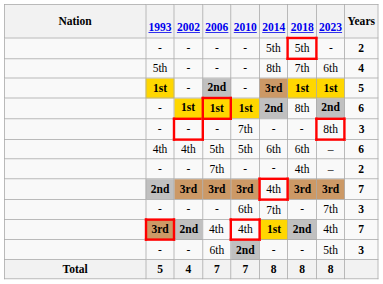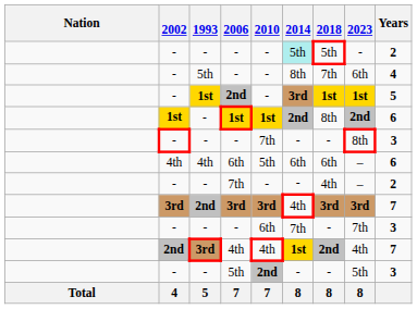 <table class="wikitable" style="text-align:center; font-size:90%">
 <tr>
 <th width=170>Nation</th>
+<th><br><a href='#'>2002</a></th>
 <th><br><a href='#'>1993</a></th>
-<th><br><a href='#'>2002</a></th>
 <th><br><a href='#'>2006</a></th>
 <th><br><a href='#'>2010</a></th>
 <th><br><a href='#'>2014</a></th>
 <th><br><a href='#'>2018</a></th>
 <th><br><a href='#'>2023</a></th>
 <th>Years</th>
 </tr>
 <tr>
 <td align=left></td>
 <td>-</td>
 <td>-</td>
 <td>-</td>
 <td>-</td>
-<td>5th</td>
+<td style="background: paleturquoise;">5th</td>
 <td style="border:3px solid red">5th</td>
 <td>-</td>
 <td><strong>2</strong></td>
 </tr>
 <tr>
 <td align=left></td>
+<td>-</td>
 <td>5th</td>
-<td>-</td>
 <td>-</td>
 <td>-</td>
 <td>8th</td>
 <td>7th</td>
 <td>6th</td>
 <td><strong>4</strong></td>
 </tr>
 <tr>
 <td align=left></td>
+<td>-</td>
 <td bgcolor=gold><strong>1st</strong></td>
-<td>-</td>
 <td bgcolor=silver><strong>2nd</strong></td>
 <td>-</td>
 <td bgcolor=#cc9966><strong>3rd</strong></td>
 <td bgcolor=gold><strong>1st</strong></td>
 <td bgcolor=gold><strong>1st</strong></td>
 <td><strong>5</strong></td>
 </tr>
 <tr>
 <td align=left></td>
+<td bgcolor=gold><strong>1st</strong></td>
 <td>-</td>
-<td bgcolor=gold><strong>1st</strong></td>
 <td bgcolor=gold style="border:3px solid red"><strong>1st</strong></td>
 <td bgcolor=gold><strong>1st</strong></td>
 <td bgcolor=silver><strong>2nd</strong></td>
 <td>8th</td>
 <td bgcolor=silver><strong>2nd</strong></td>
 <td><strong>6</strong></td>
 </tr>
 <tr>
 <td align=left></td>
+<td style="border:3px solid red">-</td>
 <td>-</td>
-<td style="border:3px solid red">-</td>
 <td>-</td>
 <td>7th</td>
 <td>-</td>
 <td>-</td>
 <td style="border:3px solid red">8th</td>
 <td><strong>3</strong></td>
 </tr>
 <tr>
 <td align=left></td>
 <td>4th</td>
 <td>4th</td>
-<td>5th</td>
+<td>6th</td>
 <td>5th</td>
 <td>6th</td>
 <td>6th</td>
 <td>–</td>
 <td><strong>6</strong></td>
 </tr>
 <tr>
 <td align=left></td>
 <td>-</td>
 <td>-</td>
 <td>7th</td>
 <td>-</td>
 <td>-</td>
 <td>4th</td>
 <td>–</td>
 <td><strong>2</strong></td>
 </tr>
 <tr>
 <td align=left></td>
+<td bgcolor=#cc9966><strong>3rd</strong></td>
 <td bgcolor=silver><strong>2nd</strong></td>
-<td bgcolor=#cc9966><strong>3rd</strong></td>
 <td bgcolor=#cc9966><strong>3rd</strong></td>
 <td bgcolor=#cc9966><strong>3rd</strong></td>
 <td style="border:3px solid red">4th</td>
 <td bgcolor=#cc9966><strong>3rd</strong></td>
 <td bgcolor=#cc9966><strong>3rd</strong></td>
 <td><strong>7</strong></td>
 </tr>
 <tr>
 <td align=left></td>
 <td>-</td>
 <td>-</td>
 <td>-</td>
 <td>6th</td>
 <td>7th</td>
 <td>-</td>
 <td>7th</td>
 <td><strong>3</strong></td>
 </tr>
 <tr>
 <td align=left></td>
+<td bgcolor=silver><strong>2nd</strong></td>
 <td bgcolor=#cc9966 style="border:3px solid red"><strong>3rd</strong></td>
-<td bgcolor=silver><strong>2nd</strong></td>
 <td>4th</td>
 <td style="border:3px solid red">4th</td>
 <td bgcolor=gold><strong>1st</strong></td>
 <td bgcolor=silver><strong>2nd</strong></td>
 <td>4th</td>
 <td><strong>7</strong></td>
 </tr>
 <tr>
 <td align=left></td>
 <td>-</td>
 <td>-</td>
-<td>6th</td>
+<td>5th</td>
 <td bgcolor=silver><strong>2nd</strong></td>
 <td>-</td>
 <td>-</td>
 <td>5th</td>
 <td><strong>3</strong></td>
 </tr>
 <tr>
 <th>Total</th>
+<th>4</th>
 <th>5</th>
-<th>4</th>
 <th>7</th>
 <th>7</th>
 <th>8</th>
 <th>8</th>
 <th>8</th>
 <th></th>
 </tr>
 </table>
